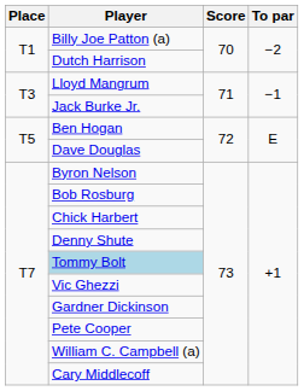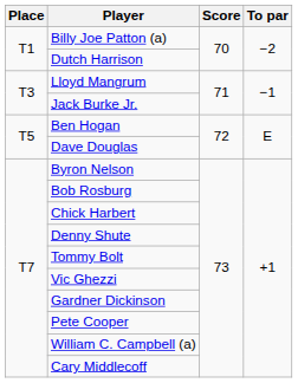 <table class="wikitable">
 <tr>
 <th>Place</th>
 <th>Player</th>
 <th>Score</th>
 <th>To par</th>
 </tr>
 <tr>
 <td rowspan=2 align=center>T1</td>
 <td> <a href='#'>Billy Joe Patton</a> (a)</td>
 <td rowspan=2 align=center>70</td>
 <td rowspan=2 align="center">−2</td>
 </tr>
 <tr>
 <td> <a href='#'>Dutch Harrison</a></td>
 </tr>
 <tr>
 <td rowspan=2 align=center>T3</td>
 <td> <a href='#'>Lloyd Mangrum</a></td>
 <td rowspan=2 align=center>71</td>
 <td rowspan=2 align="center">−1</td>
 </tr>
 <tr>
 <td> <a href='#'>Jack Burke Jr.</a></td>
 </tr>
 <tr>
 <td rowspan=2 align=center>T5</td>
 <td> <a href='#'>Ben Hogan</a></td>
 <td align=center rowspan=2>72</td>
 <td rowspan=2 align="center">E</td>
 </tr>
 <tr>
 <td> <a href='#'>Dave Douglas</a></td>
 </tr>
 <tr>
 <td rowspan=10 align=center>T7</td>
 <td> <a href='#'>Byron Nelson</a></td>
 <td align=center rowspan=10>73</td>
 <td rowspan=10 align="center">+1</td>
 </tr>
 <tr>
 <td> <a href='#'>Bob Rosburg</a></td>
 </tr>
 <tr>
 <td> <a href='#'>Chick Harbert</a></td>
 </tr>
 <tr>
 <td> <a href='#'>Denny Shute</a></td>
 </tr>
 <tr>
-<td style="background: lightblue;"> <a href='#'>Tommy Bolt</a></td>
+<td> <a href='#'>Tommy Bolt</a></td>
 </tr>
 <tr>
 <td> <a href='#'>Vic Ghezzi</a></td>
 </tr>
 <tr>
 <td> <a href='#'>Gardner Dickinson</a></td>
 </tr>
 <tr>
 <td> <a href='#'>Pete Cooper</a></td>
 </tr>
 <tr>
 <td> <a href='#'>William C. Campbell</a> (a)</td>
 </tr>
 <tr>
 <td> <a href='#'>Cary Middlecoff</a></td>
 </tr>
 </table>
